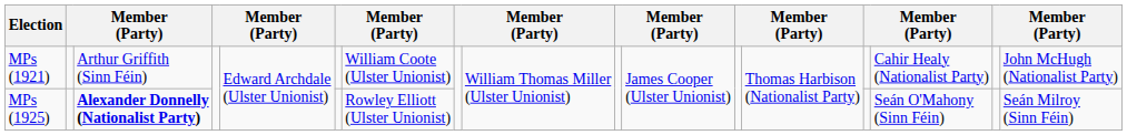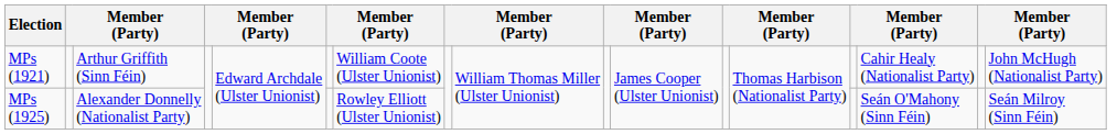 <table class="wikitable">
 <tr>
 <th>Election</th>
 <th colspan=2>Member<br>(Party)</th>
 <th colspan=2>Member<br>(Party)</th>
 <th colspan=2>Member<br>(Party)</th>
 <th colspan=2>Member<br>(Party)</th>
 <th colspan=2>Member<br>(Party)</th>
 <th colspan=2>Member<br>(Party)</th>
 <th colspan=2>Member<br>(Party)</th>
 <th colspan=2>Member<br>(Party)</th>
 </tr>
 <tr>
 <td><a href='#'>MPs</a> <br>(<a href='#'>1921</a>)</td>
 <td bgcolor= ></td>
 <td><a href='#'>Arthur Griffith</a> <br>(<a href='#'>Sinn Féin</a>)</td>
 <td rowspan=2 bgcolor=></td>
 <td rowspan=2><a href='#'>Edward Archdale</a> <br>(<a href='#'>Ulster Unionist</a>)</td>
 <td rowspan=1 bgcolor=></td>
 <td rowspan=1><a href='#'>William Coote</a> <br>(<a href='#'>Ulster Unionist</a>)</td>
 <td rowspan=2 bgcolor=></td>
 <td rowspan=2><a href='#'>William Thomas Miller</a> <br>(<a href='#'>Ulster Unionist</a>)</td>
 <td rowspan=2 bgcolor=></td>
 <td rowspan=2><a href='#'>James Cooper</a> <br>(<a href='#'>Ulster Unionist</a>)</td>
 <td rowspan=2 bgcolor=></td>
 <td rowspan=2><a href='#'>Thomas Harbison</a> <br>(<a href='#'>Nationalist Party</a>)</td>
 <td bgcolor= ></td>
 <td rowspan=1><a href='#'>Cahir Healy</a> <br>(<a href='#'>Nationalist Party</a>)</td>
 <td bgcolor= ></td>
 <td rowspan=1><a href='#'>John McHugh</a> <br>(<a href='#'>Nationalist Party</a>)</td>
 </tr>
 <tr>
 <td><a href='#'>MPs</a> <br>(<a href='#'>1925</a>)</td>
 <td rowspan=1 bgcolor=></td>
-<td rowspan=1><strong><a href='#'>Alexander Donnelly</a> <br>(<a href='#'>Nationalist Party</a>)</strong></td>
+<td rowspan=1><a href='#'>Alexander Donnelly</a> <br>(<a href='#'>Nationalist Party</a>)</td>
 <td rowspan=1 bgcolor=></td>
 <td rowspan=1><a href='#'>Rowley Elliott</a> <br>(<a href='#'>Ulster Unionist</a>)</td>
 <td rowspan=1 bgcolor=></td>
 <td><a href='#'>Seán O'Mahony</a> <br>(<a href='#'>Sinn Féin</a>)</td>
 <td rowspan=1 bgcolor=></td>
 <td><a href='#'>Seán Milroy</a> <br>(<a href='#'>Sinn Féin</a>)</td>
 </tr>
 </table>
